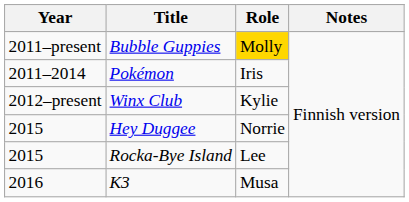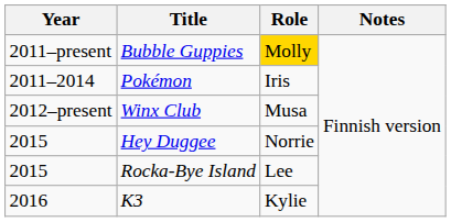 <table class="wikitable sortable">
 <tr>
 <th class="unsortable">Year</th>
 <th>Title</th>
 <th>Role</th>
 <th class="unsortable">Notes</th>
 </tr>
 <tr>
 <td>2011–present</td>
 <td><em><a href='#'>Bubble Guppies</a></em></td>
 <td style="background: gold;">Molly</td>
 <td rowspan="6">Finnish version</td>
 </tr>
 <tr>
 <td>2011–2014</td>
 <td><em><a href='#'>Pokémon</a></em></td>
 <td>Iris</td>
 </tr>
 <tr>
 <td>2012–present</td>
 <td><em><a href='#'>Winx Club</a></em></td>
-<td>Kylie</td>
+<td>Musa</td>
 </tr>
 <tr>
 <td>2015</td>
 <td><em><a href='#'>Hey Duggee</a></em></td>
 <td>Norrie</td>
 </tr>
 <tr>
 <td>2015</td>
 <td><em>Rocka-Bye Island</em></td>
 <td>Lee</td>
 </tr>
 <tr>
 <td>2016</td>
 <td><em>K3</em></td>
-<td>Musa</td>
+<td>Kylie</td>
 </tr>
 </table>
